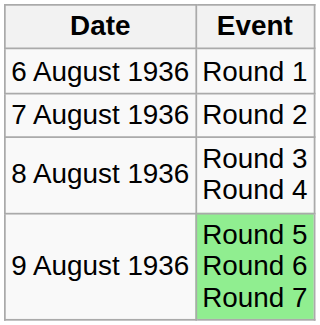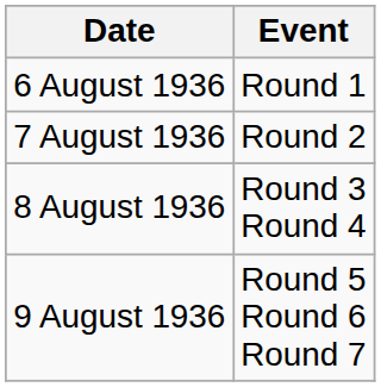 <table class = "wikitable" style="text-align:center;">
 <tr>
 <th>Date</th>
 <th>Event</th>
 </tr>
 <tr>
 <td>6 August 1936</td>
 <td>Round 1</td>
 </tr>
 <tr>
 <td>7 August 1936</td>
 <td>Round 2</td>
 </tr>
 <tr>
 <td>8 August 1936</td>
 <td>Round 3<br>Round 4</td>
 </tr>
 <tr>
 <td>9 August 1936</td>
-<td style="background: lightgreen;">Round 5<br>Round 6<br>Round 7</td>
+<td>Round 5<br>Round 6<br>Round 7</td>
 </tr>
 </table>
